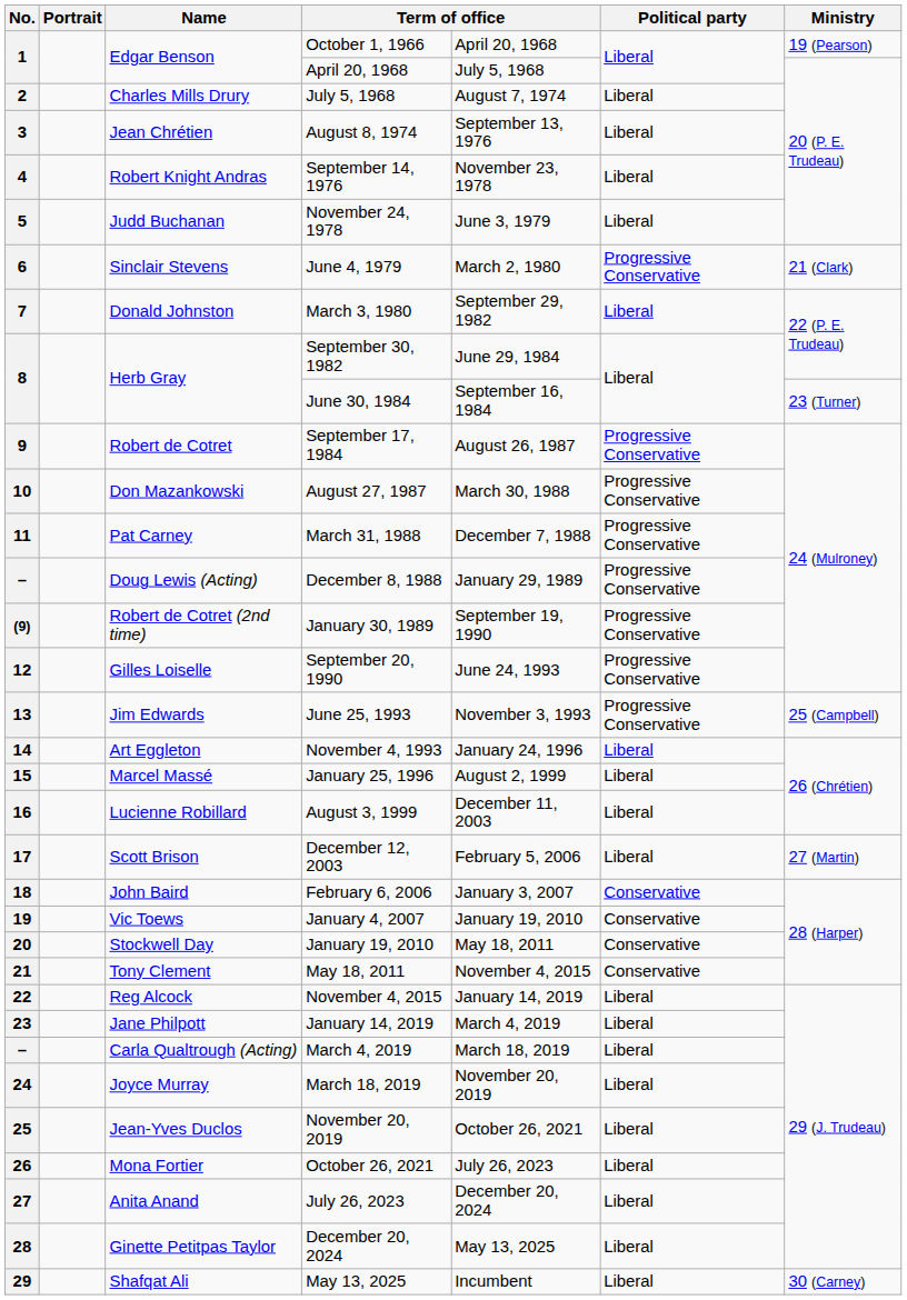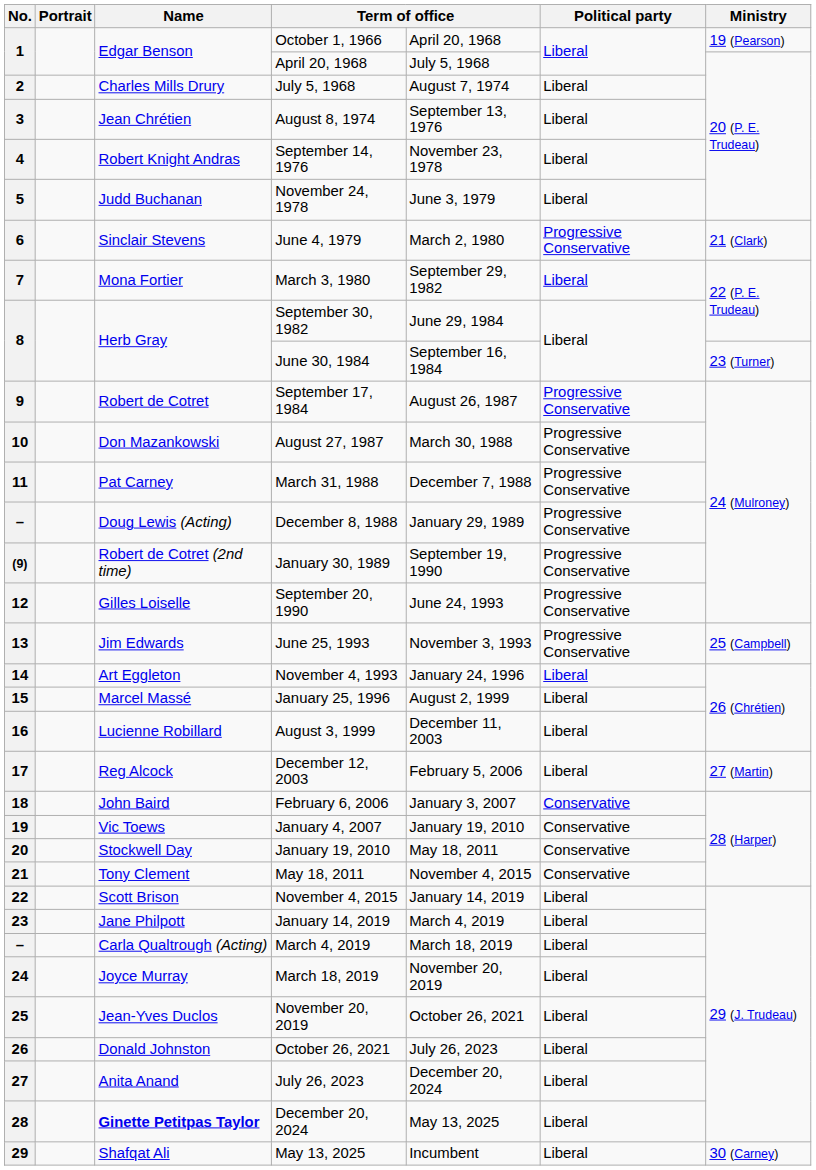 <table class="wikitable">
 <tr>
 <th>No.</th>
 <th>Portrait</th>
 <th>Name</th>
 <th colspan=2>Term of office</th>
 <th>Political party</th>
 <th>Ministry</th>
 </tr>
 <tr>
 <th rowspan=2 style="background:">1</th>
 <td rowspan=2></td>
 <td rowspan=2><a href='#'>Edgar Benson</a></td>
 <td>October 1, 1966</td>
 <td>April 20, 1968</td>
 <td rowspan=2><a href='#'>Liberal</a></td>
 <td><a href='#'>19</a> <small>(<a href='#'>Pearson</a>)</small></td>
 </tr>
 <tr>
 <td>April 20, 1968</td>
 <td>July 5, 1968</td>
 <td rowspan=5><a href='#'>20</a> <small>(<a href='#'>P. E. Trudeau</a>)</small></td>
 </tr>
 <tr>
 <th style="background:">2</th>
 <td></td>
 <td><a href='#'>Charles Mills Drury</a></td>
 <td>July 5, 1968</td>
 <td>August 7, 1974</td>
 <td>Liberal</td>
 </tr>
 <tr>
 <th style="background:">3</th>
 <td></td>
 <td><a href='#'>Jean Chrétien</a></td>
 <td>August 8, 1974</td>
 <td>September 13, 1976</td>
 <td>Liberal</td>
 </tr>
 <tr>
 <th style="background:">4</th>
 <td></td>
 <td><a href='#'>Robert Knight Andras</a></td>
 <td>September 14, 1976</td>
 <td>November 23, 1978</td>
 <td>Liberal</td>
 </tr>
 <tr>
 <th style="background:">5</th>
 <td></td>
 <td><a href='#'>Judd Buchanan</a></td>
 <td>November 24, 1978</td>
 <td>June 3, 1979</td>
 <td>Liberal</td>
 </tr>
 <tr>
 <th style="background:">6</th>
 <td></td>
 <td><a href='#'>Sinclair Stevens</a></td>
 <td>June 4, 1979</td>
 <td>March 2, 1980</td>
 <td><a href='#'>Progressive Conservative</a></td>
 <td><a href='#'>21</a> <small>(<a href='#'>Clark</a>)</small></td>
 </tr>
 <tr>
 <th style="background:">7</th>
 <td></td>
-<td><a href='#'>Donald Johnston</a></td>
+<td><a href='#'>Mona Fortier</a></td>
 <td>March 3, 1980</td>
 <td>September 29, 1982</td>
 <td><a href='#'>Liberal</a></td>
 <td rowspan=2><a href='#'>22</a> <small>(<a href='#'>P. E. Trudeau</a>)</small></td>
 </tr>
 <tr>
 <th rowspan=2 style="background:">8</th>
 <td rowspan=2></td>
 <td rowspan=2><a href='#'>Herb Gray</a></td>
 <td>September 30, 1982</td>
 <td>June 29, 1984</td>
 <td rowspan=2>Liberal</td>
 </tr>
 <tr>
 <td>June 30, 1984</td>
 <td>September 16, 1984</td>
 <td><a href='#'>23</a> <small>(<a href='#'>Turner</a>)</small></td>
 </tr>
 <tr>
 <th style="background:">9</th>
 <td></td>
 <td><a href='#'>Robert de Cotret</a></td>
 <td>September 17, 1984</td>
 <td>August 26, 1987</td>
 <td><a href='#'>Progressive Conservative</a></td>
 <td rowspan=6><a href='#'>24</a> <small>(<a href='#'>Mulroney</a>)</small></td>
 </tr>
 <tr>
 <th style="background:">10</th>
 <td></td>
 <td><a href='#'>Don Mazankowski</a></td>
 <td>August 27, 1987</td>
 <td>March 30, 1988</td>
 <td>Progressive Conservative</td>
 </tr>
 <tr>
 <th style="background:">11</th>
 <td></td>
 <td><a href='#'>Pat Carney</a></td>
 <td>March 31, 1988</td>
 <td>December 7, 1988</td>
 <td>Progressive Conservative</td>
 </tr>
 <tr>
 <th style="background:">–</th>
 <td></td>
 <td><a href='#'>Doug Lewis</a> <em>(Acting)</em></td>
 <td>December 8, 1988</td>
 <td>January 29, 1989</td>
 <td>Progressive Conservative</td>
 </tr>
 <tr>
 <th style="background:"><small>(9)</small></th>
 <td></td>
 <td><a href='#'>Robert de Cotret</a> <em>(2nd time)</em></td>
 <td>January 30, 1989</td>
 <td>September 19, 1990</td>
 <td>Progressive Conservative</td>
 </tr>
 <tr>
 <th style="background:">12</th>
 <td></td>
 <td><a href='#'>Gilles Loiselle</a></td>
 <td>September 20, 1990</td>
 <td>June 24, 1993</td>
 <td>Progressive Conservative</td>
 </tr>
 <tr>
 <th style="background:">13</th>
 <td></td>
 <td><a href='#'>Jim Edwards</a></td>
 <td>June 25, 1993</td>
 <td>November 3, 1993</td>
 <td>Progressive Conservative</td>
 <td><a href='#'>25</a> <small>(<a href='#'>Campbell</a>)</small></td>
 </tr>
 <tr>
 <th style="background:">14</th>
 <td></td>
 <td><a href='#'>Art Eggleton</a></td>
 <td>November 4, 1993</td>
 <td>January 24, 1996</td>
 <td><a href='#'>Liberal</a></td>
 <td rowspan=3><a href='#'>26</a> <small>(<a href='#'>Chrétien</a>)</small></td>
 </tr>
 <tr>
 <th style="background:">15</th>
 <td></td>
 <td><a href='#'>Marcel Massé</a></td>
 <td>January 25, 1996</td>
 <td>August 2, 1999</td>
 <td>Liberal</td>
 </tr>
 <tr>
 <th style="background:">16</th>
 <td></td>
 <td><a href='#'>Lucienne Robillard</a></td>
 <td>August 3, 1999</td>
 <td>December 11, 2003</td>
 <td>Liberal</td>
 </tr>
 <tr>
 <th style="background:">17</th>
 <td></td>
-<td><a href='#'>Scott Brison</a></td>
+<td><a href='#'>Reg Alcock</a></td>
 <td>December 12, 2003</td>
 <td>February 5, 2006</td>
 <td>Liberal</td>
 <td><a href='#'>27</a> <small>(<a href='#'>Martin</a>)</small></td>
 </tr>
 <tr>
 <th style="background:">18</th>
 <td></td>
 <td><a href='#'>John Baird</a></td>
 <td>February 6, 2006</td>
 <td>January 3, 2007</td>
 <td><a href='#'>Conservative</a></td>
 <td rowspan=4><a href='#'>28</a> <small>(<a href='#'>Harper</a>)</small></td>
 </tr>
 <tr>
 <th style="background:">19</th>
 <td></td>
 <td><a href='#'>Vic Toews</a></td>
 <td>January 4, 2007</td>
 <td>January 19, 2010</td>
 <td>Conservative</td>
 </tr>
 <tr>
 <th style="background:">20</th>
 <td></td>
 <td><a href='#'>Stockwell Day</a></td>
 <td>January 19, 2010</td>
 <td>May 18, 2011</td>
 <td>Conservative</td>
 </tr>
 <tr>
 <th style="background:">21</th>
 <td></td>
 <td><a href='#'>Tony Clement</a></td>
 <td>May 18, 2011</td>
 <td>November 4, 2015</td>
 <td>Conservative</td>
 </tr>
 <tr>
 <th style="background:">22</th>
 <td></td>
-<td><a href='#'>Reg Alcock</a></td>
+<td><a href='#'>Scott Brison</a></td>
 <td>November 4, 2015</td>
 <td>January 14, 2019</td>
 <td>Liberal</td>
 <td rowspan=8><a href='#'>29</a> <small>(<a href='#'>J. Trudeau</a>)</small></td>
 </tr>
 <tr>
 <th style="background:">23</th>
 <td></td>
 <td><a href='#'>Jane Philpott</a></td>
 <td>January 14, 2019</td>
 <td>March 4, 2019</td>
 <td>Liberal</td>
 </tr>
 <tr>
 <th style="background:">–</th>
 <td></td>
 <td><a href='#'>Carla Qualtrough</a> <em>(Acting)</em></td>
 <td>March 4, 2019</td>
 <td>March 18, 2019</td>
 <td>Liberal</td>
 </tr>
 <tr>
 <th style="background:">24</th>
 <td></td>
 <td><a href='#'>Joyce Murray</a></td>
 <td>March 18, 2019</td>
 <td>November 20, 2019</td>
 <td>Liberal</td>
 </tr>
 <tr>
 <th style="background:">25</th>
 <td></td>
 <td><a href='#'>Jean-Yves Duclos</a></td>
 <td>November 20, 2019</td>
 <td>October 26, 2021</td>
 <td>Liberal</td>
 </tr>
 <tr>
 <th style="background:">26</th>
 <td></td>
-<td><a href='#'>Mona Fortier</a></td>
+<td><a href='#'>Donald Johnston</a></td>
 <td>October 26, 2021</td>
 <td>July 26, 2023</td>
 <td>Liberal</td>
 </tr>
 <tr>
 <th style="background:">27</th>
 <td></td>
 <td><a href='#'>Anita Anand</a></td>
 <td>July 26, 2023</td>
 <td>December 20, 2024</td>
 <td>Liberal</td>
 </tr>
 <tr>
 <th style="background:">28</th>
 <td></td>
-<td><a href='#'>Ginette Petitpas Taylor</a></td>
+<td><strong><a href='#'>Ginette Petitpas Taylor</a></strong></td>
 <td>December 20, 2024</td>
 <td>May 13, 2025</td>
 <td>Liberal</td>
 </tr>
 <tr>
 <th style="background:">29</th>
 <td></td>
 <td><a href='#'>Shafqat Ali</a></td>
 <td>May 13, 2025</td>
 <td>Incumbent</td>
 <td>Liberal</td>
 <td><a href='#'>30</a> <small>(<a href='#'>Carney</a>)</small></td>
 </tr>
 </table>
